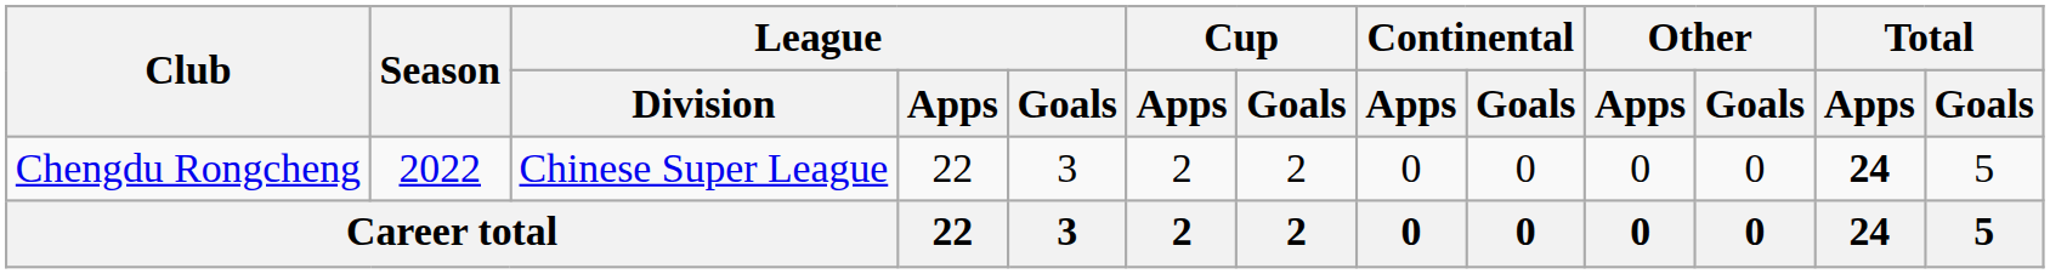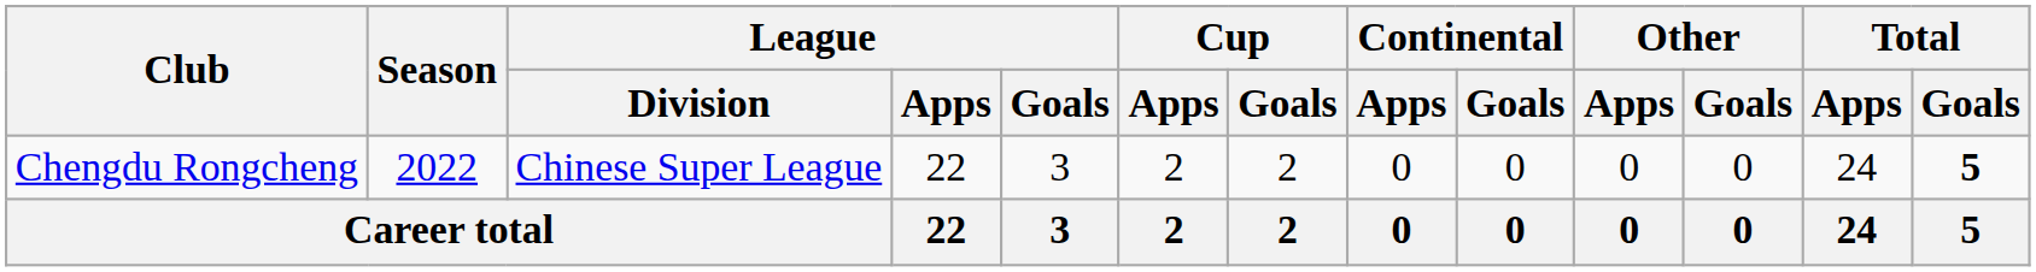 <table class=wikitable style=text-align:center>
 <tr>
 <th rowspan=2>Club</th>
 <th rowspan=2>Season</th>
 <th colspan=3>League</th>
 <th colspan=2>Cup</th>
 <th colspan=2>Continental</th>
 <th colspan=2>Other</th>
 <th colspan=2>Total</th>
 </tr>
 <tr>
 <th>Division</th>
 <th>Apps</th>
 <th>Goals</th>
 <th>Apps</th>
 <th>Goals</th>
 <th>Apps</th>
 <th>Goals</th>
 <th>Apps</th>
 <th>Goals</th>
 <th>Apps</th>
 <th>Goals</th>
 </tr>
 <tr>
 <td><a href='#'>Chengdu Rongcheng</a></td>
 <td><a href='#'>2022</a></td>
 <td><a href='#'>Chinese Super League</a></td>
 <td>22</td>
 <td>3</td>
 <td>2</td>
 <td>2</td>
 <td>0</td>
 <td>0</td>
 <td>0</td>
 <td>0</td>
-<td><strong>24</strong></td>
-<td>5</td>
+<td>24</td>
+<td><strong>5</strong></td>
 </tr>
 <tr>
 <th colspan=3>Career total</th>
 <th>22</th>
 <th>3</th>
 <th>2</th>
 <th>2</th>
 <th>0</th>
 <th>0</th>
 <th>0</th>
 <th>0</th>
 <th>24</th>
 <th>5</th>
 </tr>
 </table>
